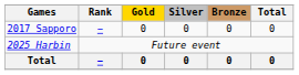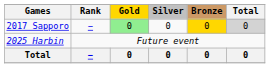 <table class="wikitable sortable" style="margin-top:0em; text-align:center; font-size:90%;">
 <tr>
 </tr>
 <tr>
 <th>Games</th>
 <th style="width:4em;">Rank</th>
 <th style="background:gold; width:4em;">Gold</th>
 <th style="background:silver; width:4em;">Silver</th>
 <th style="background:#c96; width:4em;">Bronze</th>
 <th style="width:4em;">Total</th>
 </tr>
 <tr>
 <td align=left> <a href='#'>2017 Sapporo</a></td>
 <td><a href='#'>−</a></td>
+<td style="background: lightgreen;">0</td>
 <td>0</td>
-<td>0</td>
-<td>0</td>
-<td>0</td>
+<td style="background: gold;">0</td>
+<td style="background: lightgrey;">0</td>
 </tr>
 <tr>
 <td align=left> <a href='#'><em>2025 Harbin</em></a></td>
 <td colspan=5><em>Future event</em></td>
 </tr>
 <tr>
 <th><strong>Total</strong></th>
 <th><strong><a href='#'>−</a></strong></th>
 <th><strong>0</strong></th>
 <th><strong>0</strong></th>
 <th><strong>0</strong></th>
 <th><strong>0</strong></th>
 </tr>
 <tr class="sortbottom">
 </tr>
 </table>
